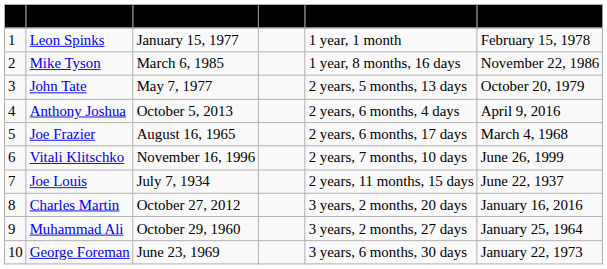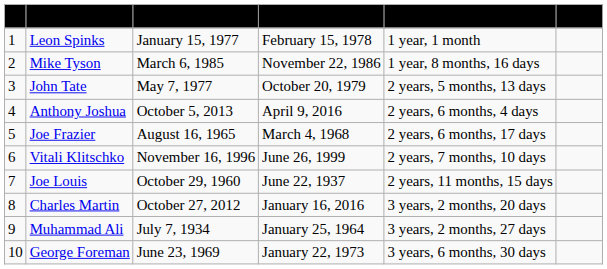 <table class="wikitable sortable" style="margin:0 .5em .5em 0; margin-top:.5em; margin-bottom:.5em; border:1px solid #CCC; border-collapse:collapse; text-align:left;">
 <tr>
 <th style="background: #D1EEEE; background: black;« width=»10%"><span></span></th>
 <th style="background: #D1EEEE; background: black;« width=»10%"><span>Name</span></th>
 <th style="background: #D1EEEE; background: black;« width=»10%"><span>Professional debut</span></th>
+<th style="background: #D1EEEE; background: black;« width=»10%"><span>World title win</span></th>
+<th style="background: #D1EEEE; background: black;« width=»10%"><span>Time elapsed</span></th>
 <th style="background: #D1EEEE; background: black;« width=»10%"><span>Fights</span></th>
-<th style="background: #D1EEEE; background: black;« width=»10%"><span>Time elapsed</span></th>
-<th style="background: #D1EEEE; background: black;« width=»10%"><span>World title win</span></th>
 </tr>
 <tr>
 <td>1</td>
 <td><a href='#'>Leon Spinks</a></td>
 <td>January 15, 1977</td>
+<td>February 15, 1978</td>
+<td>1 year, 1 month</td>
 <td></td>
-<td>1 year, 1 month</td>
-<td>February 15, 1978</td>
 </tr>
 <tr>
 <td>2</td>
 <td><a href='#'>Mike Tyson</a></td>
 <td>March 6, 1985</td>
+<td>November 22, 1986</td>
+<td>1 year, 8 months, 16 days</td>
 <td></td>
-<td>1 year, 8 months, 16 days</td>
-<td>November 22, 1986</td>
 </tr>
 <tr>
 <td>3</td>
 <td><a href='#'>John Tate</a></td>
 <td>May 7, 1977</td>
+<td>October 20, 1979</td>
+<td>2 years, 5 months, 13 days</td>
 <td></td>
-<td>2 years, 5 months, 13 days</td>
-<td>October 20, 1979</td>
 </tr>
 <tr>
 <td>4</td>
 <td><a href='#'>Anthony Joshua</a></td>
 <td>October 5, 2013</td>
+<td>April 9, 2016</td>
+<td>2 years, 6 months, 4 days</td>
 <td></td>
-<td>2 years, 6 months, 4 days</td>
-<td>April 9, 2016</td>
 </tr>
 <tr>
 <td>5</td>
 <td><a href='#'>Joe Frazier</a></td>
 <td>August 16, 1965</td>
+<td>March 4, 1968</td>
+<td>2 years, 6 months, 17 days</td>
 <td></td>
-<td>2 years, 6 months, 17 days</td>
-<td>March 4, 1968</td>
 </tr>
 <tr>
 <td>6</td>
 <td><a href='#'>Vitali Klitschko</a></td>
 <td>November 16, 1996</td>
+<td>June 26, 1999</td>
+<td>2 years, 7 months, 10 days</td>
 <td></td>
-<td>2 years, 7 months, 10 days</td>
-<td>June 26, 1999</td>
 </tr>
 <tr>
 <td>7</td>
 <td><a href='#'>Joe Louis</a></td>
-<td>July 7, 1934</td>
+<td>October 29, 1960</td>
+<td>June 22, 1937</td>
+<td>2 years, 11 months, 15 days</td>
 <td></td>
-<td>2 years, 11 months, 15 days</td>
-<td>June 22, 1937</td>
 </tr>
 <tr>
 <td>8</td>
 <td><a href='#'>Charles Martin</a></td>
 <td>October 27, 2012</td>
+<td>January 16, 2016</td>
+<td>3 years, 2 months, 20 days</td>
 <td></td>
-<td>3 years, 2 months, 20 days</td>
-<td>January 16, 2016</td>
 </tr>
 <tr>
 <td>9</td>
 <td><a href='#'>Muhammad Ali</a></td>
-<td>October 29, 1960</td>
+<td>July 7, 1934</td>
+<td>January 25, 1964</td>
+<td>3 years, 2 months, 27 days</td>
 <td></td>
-<td>3 years, 2 months, 27 days</td>
-<td>January 25, 1964</td>
 </tr>
 <tr>
 <td>10</td>
 <td><a href='#'>George Foreman</a></td>
 <td>June 23, 1969</td>
+<td>January 22, 1973</td>
+<td>3 years, 6 months, 30 days</td>
 <td></td>
-<td>3 years, 6 months, 30 days</td>
-<td>January 22, 1973</td>
 </tr>
 </table>
